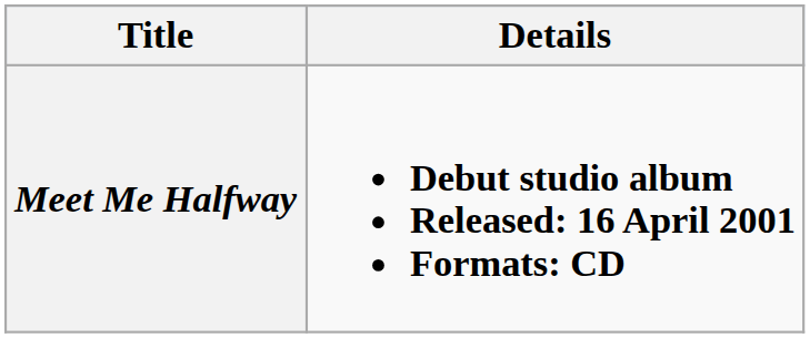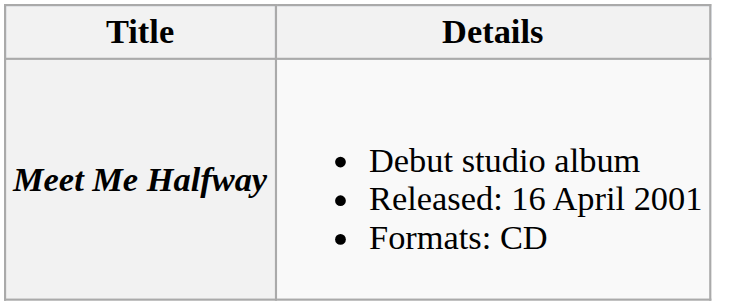 <table class="wikitable plainrowheaders">
 <tr style="background:#b0c4de; text-align:center;">
 <th>Title</th>
 <th>Details</th>
 </tr>
 <tr>
 <th scope="row"><em>Meet Me Halfway</em></th>
-<td><strong><br><ul><li>Debut studio album</li><li>Released: 16 April 2001</li><li>Formats: CD</li></ul></strong></td>
+<td><br><ul><li>Debut studio album</li><li>Released: 16 April 2001</li><li>Formats: CD</li></ul></td>
 </tr>
 </table>
